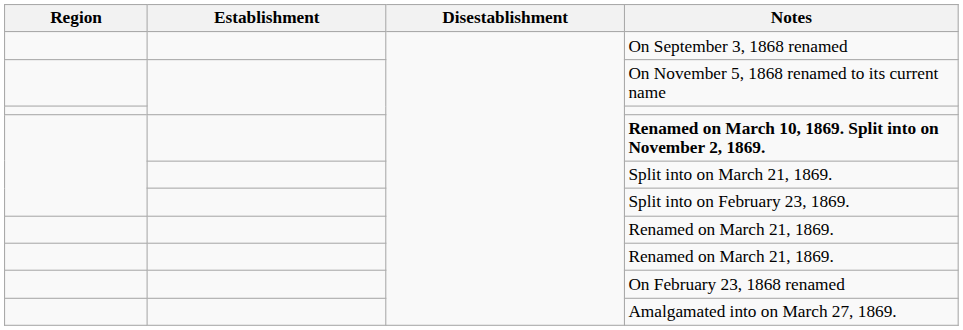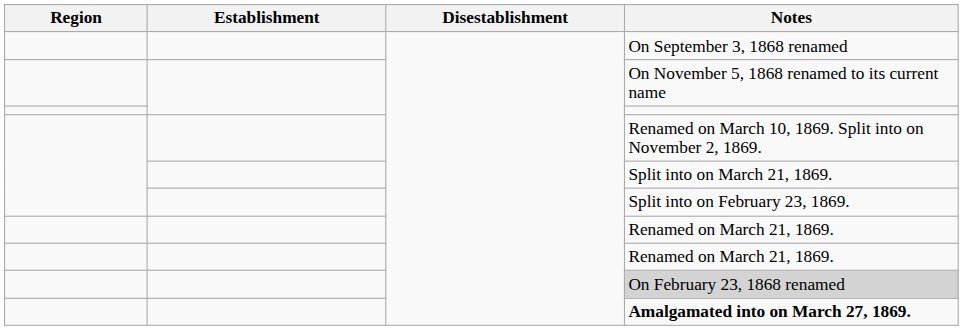 <table class="wikitable" style="width:100%">
 <tr>
 <th style="width:15%">Region</th>
 <th style="width:25%">Establishment</th>
 <th style="width:25%">Disestablishment</th>
 <th>Notes</th>
 </tr>
 <tr>
 <td></td>
 <td></td>
 <td rowspan=10></td>
 <td>On September 3, 1868 renamed </td>
 </tr>
 <tr>
 <td></td>
 <td rowspan=2></td>
 <td>On November 5, 1868 renamed to its current name </td>
 </tr>
 <tr>
 <td></td>
 <td></td>
 </tr>
 <tr>
 <td rowspan=3></td>
 <td></td>
-<td><strong>Renamed  on March 10, 1869. Split into  on November 2, 1869.</strong></td>
+<td>Renamed  on March 10, 1869. Split into  on November 2, 1869.</td>
 </tr>
 <tr>
 <td></td>
 <td>Split into  on March 21, 1869.</td>
 </tr>
 <tr>
 <td></td>
 <td>Split into  on February 23, 1869.</td>
 </tr>
 <tr>
 <td></td>
 <td></td>
 <td>Renamed  on March 21, 1869.</td>
 </tr>
 <tr>
 <td></td>
 <td></td>
 <td>Renamed  on March 21, 1869.</td>
 </tr>
 <tr>
 <td></td>
 <td></td>
-<td>On February 23, 1868 renamed </td>
+<td style="background: lightgrey;">On February 23, 1868 renamed </td>
 </tr>
 <tr>
 <td></td>
 <td></td>
-<td>Amalgamated into  on March 27, 1869.</td>
+<td><strong>Amalgamated into  on March 27, 1869.</strong></td>
 </tr>
 </table>
